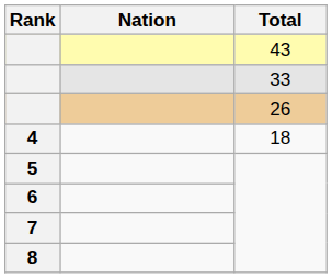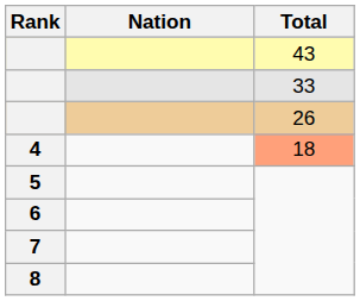 <table class="wikitable sortable" style="text-align:center; font-size:85%">
 <tr>
 <th scope="col" style="width:25px;">Rank</th>
 <th ! scope="col" style="width:120px;">Nation</th>
 <th ! scope="col" style="width:60px;">Total</th>
 </tr>
 <tr bgcolor=fffcaf>
 <th scope=row></th>
 <td align=left></td>
 <td>43</td>
 </tr>
 <tr bgcolor=e5e5e5>
 <th scope=row></th>
 <td align=left></td>
 <td>33</td>
 </tr>
 <tr bgcolor=eecc99>
 <th scope=row></th>
 <td align=left></td>
 <td>26</td>
 </tr>
 <tr>
 <th scope=row>4</th>
 <td align=left></td>
-<td>18</td>
+<td style="background: lightsalmon;">18</td>
 </tr>
 <tr>
 <th scope=row>5</th>
 <td align=left></td>
 <td rowspan=4></td>
 </tr>
 <tr>
 <th scope=row>6</th>
 <td align=left></td>
 </tr>
 <tr>
 <th scope=row>7</th>
 <td align=left></td>
 </tr>
 <tr>
 <th scope=row>8</th>
 <td align=left></td>
 </tr>
 </table>
